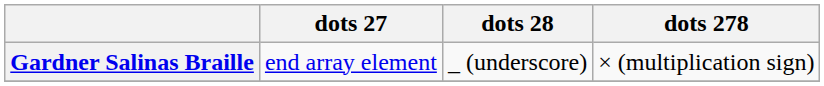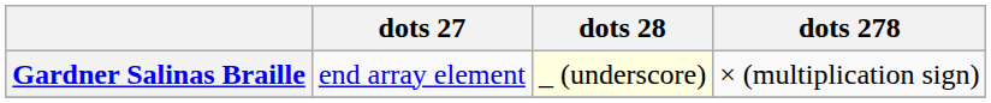 <table class="wikitable">
 <tr>
 <th></th>
 <th>dots 27</th>
 <th>dots 28</th>
 <th>dots 278</th>
 </tr>
 <tr>
 <th align=left><a href='#'>Gardner Salinas Braille</a></th>
 <td><a href='#'>end array element</a></td>
-<td>_ (underscore)</td>
+<td style="background: lightyellow;">_ (underscore)</td>
 <td>× (multiplication sign)</td>
 </tr>
 <tr>
 </tr>
 <tr>
 </tr>
 </table>
